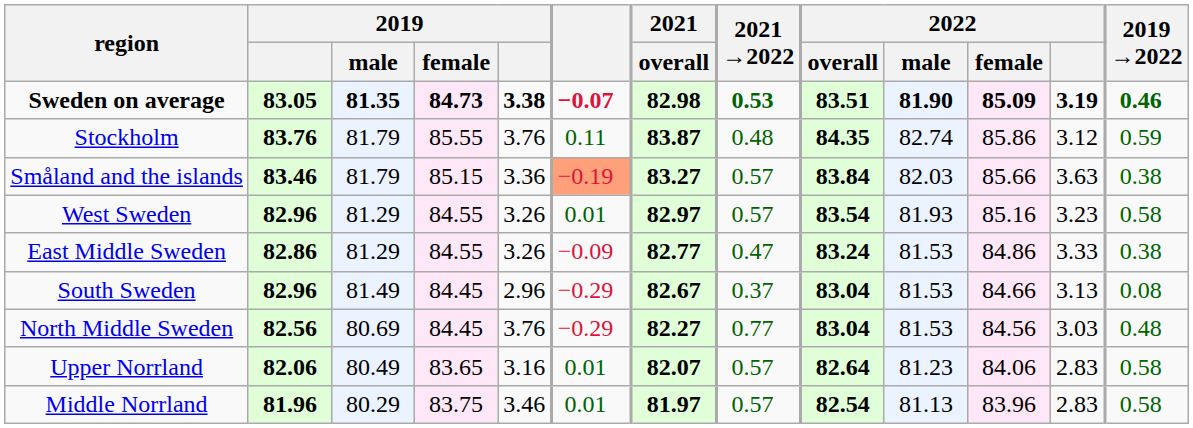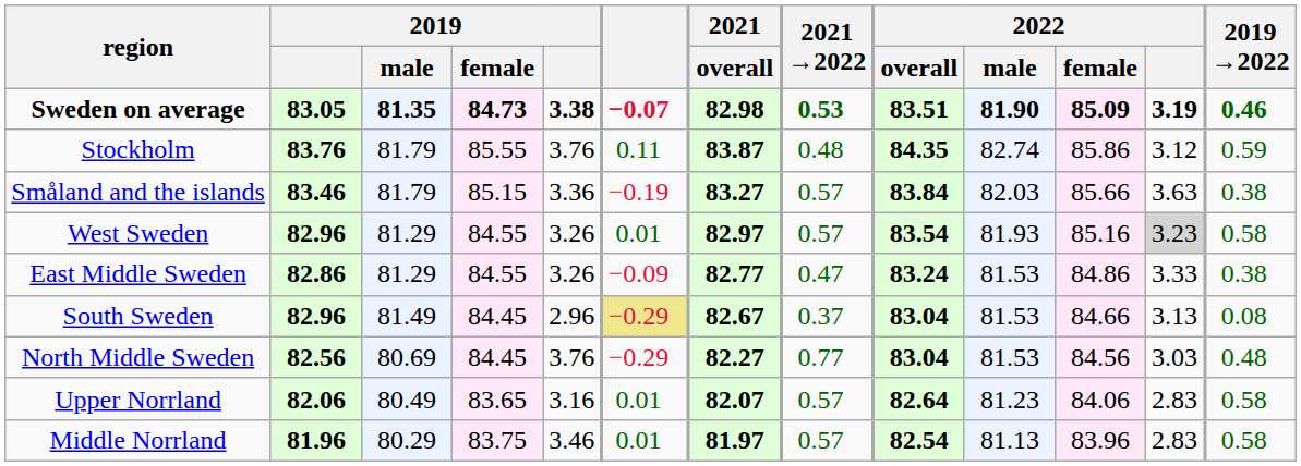 <table class="wikitable sortable mw-datatable static-row-numbers sort-under col1left col6right col8right col13right" style="text-align:center;">
 <tr>
 <th rowspan=2 style="vertical-align:middle;">region</th>
 <th colspan=4>2019</th>
 <th rowspan=2 style="vertical-align:middle;border-left-width:2px;"></th>
 <th style="border-left-width:2px;">2021</th>
 <th rowspan=2 style="vertical-align:middle;border-left-width:2px;">2021<br>→2022</th>
 <th colspan=4 style="border-left-width:2px;">2022</th>
 <th rowspan=2 style="vertical-align:middle;border-left-width:2px;">2019<br>→2022</th>
 </tr>
 <tr>
 <th style="vertical-align:middle;min-width:3em;"></th>
 <th style="vertical-align:middle;min-width:3em;">male</th>
 <th style="vertical-align:middle;min-width:3em;">female</th>
 <th></th>
 <th style="vertical-align:middle;min-width:3em;border-left-width:2px;">overall</th>
 <th style="vertical-align:middle;min-width:3em;border-left-width:2px;">overall</th>
 <th style="vertical-align:middle;min-width:3em;">male</th>
 <th style="vertical-align:middle;min-width:3em;">female</th>
 <th></th>
 </tr>
 <tr class=static-row-header>
 <td><strong>Sweden on average</strong></td>
 <td style="background:#e0ffd8;"><strong>83.05</strong></td>
 <td style="background:#eaf3ff;"><strong>81.35</strong></td>
 <td style="background:#fee7f6;"><strong>84.73</strong></td>
 <td><strong>3.38</strong></td>
 <td style="padding-right:1.5ex;color:crimson;border-left-width:2px;"><strong>−0.07</strong></td>
 <td style="background:#e0ffd8;border-left-width:2px;"><strong>82.98</strong></td>
 <td style="padding-right:1.5ex;color:darkgreen;border-left-width:2px;"><strong>0.53</strong></td>
 <td style="background:#e0ffd8;border-left-width:2px;"><strong>83.51</strong></td>
 <td style="background:#eaf3ff;"><strong>81.90</strong></td>
 <td style="background:#fee7f6;"><strong>85.09</strong></td>
 <td><strong>3.19</strong></td>
 <td style="padding-right:1.5ex;color:darkgreen;border-left-width:2px;"><strong>0.46</strong></td>
 </tr>
 <tr>
 <td><a href='#'>Stockholm</a></td>
 <td style="background:#e0ffd8;"><strong>83.76</strong></td>
 <td style="background:#eaf3ff;">81.79</td>
 <td style="background:#fee7f6;">85.55</td>
 <td>3.76</td>
 <td style="padding-right:1.5ex;color:darkgreen;border-left-width:2px;">0.11</td>
 <td style="background:#e0ffd8;border-left-width:2px;"><strong>83.87</strong></td>
 <td style="padding-right:1.5ex;color:darkgreen;border-left-width:2px;">0.48</td>
 <td style="background:#e0ffd8;border-left-width:2px;"><strong>84.35</strong></td>
 <td style="background:#eaf3ff;">82.74</td>
 <td style="background:#fee7f6;">85.86</td>
 <td>3.12</td>
 <td style="padding-right:1.5ex;color:darkgreen;border-left-width:2px;">0.59</td>
 </tr>
 <tr>
 <td><a href='#'>Småland and the islands</a></td>
 <td style="background:#e0ffd8;"><strong>83.46</strong></td>
 <td style="background:#eaf3ff;">81.79</td>
 <td style="background:#fee7f6;">85.15</td>
 <td>3.36</td>
-<td style="background: lightsalmon; padding-right:1.5ex;color:crimson;border-left-width:2px;">−0.19</td>
+<td style="padding-right:1.5ex;color:crimson;border-left-width:2px;">−0.19</td>
 <td style="background:#e0ffd8;border-left-width:2px;"><strong>83.27</strong></td>
 <td style="padding-right:1.5ex;color:darkgreen;border-left-width:2px;">0.57</td>
 <td style="background:#e0ffd8;border-left-width:2px;"><strong>83.84</strong></td>
 <td style="background:#eaf3ff;">82.03</td>
 <td style="background:#fee7f6;">85.66</td>
 <td>3.63</td>
 <td style="padding-right:1.5ex;color:darkgreen;border-left-width:2px;">0.38</td>
 </tr>
 <tr>
 <td><a href='#'>West Sweden</a></td>
 <td style="background:#e0ffd8;"><strong>82.96</strong></td>
 <td style="background:#eaf3ff;">81.29</td>
 <td style="background:#fee7f6;">84.55</td>
 <td>3.26</td>
 <td style="padding-right:1.5ex;color:darkgreen;border-left-width:2px;">0.01</td>
 <td style="background:#e0ffd8;border-left-width:2px;"><strong>82.97</strong></td>
 <td style="padding-right:1.5ex;color:darkgreen;border-left-width:2px;">0.57</td>
 <td style="background:#e0ffd8;border-left-width:2px;"><strong>83.54</strong></td>
 <td style="background:#eaf3ff;">81.93</td>
 <td style="background:#fee7f6;">85.16</td>
-<td>3.23</td>
+<td style="background: lightgrey;">3.23</td>
 <td style="padding-right:1.5ex;color:darkgreen;border-left-width:2px;">0.58</td>
 </tr>
 <tr>
 <td><a href='#'>East Middle Sweden</a></td>
 <td style="background:#e0ffd8;"><strong>82.86</strong></td>
 <td style="background:#eaf3ff;">81.29</td>
 <td style="background:#fee7f6;">84.55</td>
 <td>3.26</td>
 <td style="padding-right:1.5ex;color:crimson;border-left-width:2px;">−0.09</td>
 <td style="background:#e0ffd8;border-left-width:2px;"><strong>82.77</strong></td>
 <td style="padding-right:1.5ex;color:darkgreen;border-left-width:2px;">0.47</td>
 <td style="background:#e0ffd8;border-left-width:2px;"><strong>83.24</strong></td>
 <td style="background:#eaf3ff;">81.53</td>
 <td style="background:#fee7f6;">84.86</td>
 <td>3.33</td>
 <td style="padding-right:1.5ex;color:darkgreen;border-left-width:2px;">0.38</td>
 </tr>
 <tr>
 <td><a href='#'>South Sweden</a></td>
 <td style="background:#e0ffd8;"><strong>82.96</strong></td>
 <td style="background:#eaf3ff;">81.49</td>
 <td style="background:#fee7f6;">84.45</td>
 <td>2.96</td>
-<td style="padding-right:1.5ex;color:crimson;border-left-width:2px;">−0.29</td>
+<td style="background: khaki; padding-right:1.5ex;color:crimson;border-left-width:2px;">−0.29</td>
 <td style="background:#e0ffd8;border-left-width:2px;"><strong>82.67</strong></td>
 <td style="padding-right:1.5ex;color:darkgreen;border-left-width:2px;">0.37</td>
 <td style="background:#e0ffd8;border-left-width:2px;"><strong>83.04</strong></td>
 <td style="background:#eaf3ff;">81.53</td>
 <td style="background:#fee7f6;">84.66</td>
 <td>3.13</td>
 <td style="padding-right:1.5ex;color:darkgreen;border-left-width:2px;">0.08</td>
 </tr>
 <tr>
 <td><a href='#'>North Middle Sweden</a></td>
 <td style="background:#e0ffd8;"><strong>82.56</strong></td>
 <td style="background:#eaf3ff;">80.69</td>
 <td style="background:#fee7f6;">84.45</td>
 <td>3.76</td>
 <td style="padding-right:1.5ex;color:crimson;border-left-width:2px;">−0.29</td>
 <td style="background:#e0ffd8;border-left-width:2px;"><strong>82.27</strong></td>
 <td style="padding-right:1.5ex;color:darkgreen;border-left-width:2px;">0.77</td>
 <td style="background:#e0ffd8;border-left-width:2px;"><strong>83.04</strong></td>
 <td style="background:#eaf3ff;">81.53</td>
 <td style="background:#fee7f6;">84.56</td>
 <td>3.03</td>
 <td style="padding-right:1.5ex;color:darkgreen;border-left-width:2px;">0.48</td>
 </tr>
 <tr>
 <td><a href='#'>Upper Norrland</a></td>
 <td style="background:#e0ffd8;"><strong>82.06</strong></td>
 <td style="background:#eaf3ff;">80.49</td>
 <td style="background:#fee7f6;">83.65</td>
 <td>3.16</td>
 <td style="padding-right:1.5ex;color:darkgreen;border-left-width:2px;">0.01</td>
 <td style="background:#e0ffd8;border-left-width:2px;"><strong>82.07</strong></td>
 <td style="padding-right:1.5ex;color:darkgreen;border-left-width:2px;">0.57</td>
 <td style="background:#e0ffd8;border-left-width:2px;"><strong>82.64</strong></td>
 <td style="background:#eaf3ff;">81.23</td>
 <td style="background:#fee7f6;">84.06</td>
 <td>2.83</td>
 <td style="padding-right:1.5ex;color:darkgreen;border-left-width:2px;">0.58</td>
 </tr>
 <tr>
 <td><a href='#'>Middle Norrland</a></td>
 <td style="background:#e0ffd8;"><strong>81.96</strong></td>
 <td style="background:#eaf3ff;">80.29</td>
 <td style="background:#fee7f6;">83.75</td>
 <td>3.46</td>
 <td style="padding-right:1.5ex;color:darkgreen;border-left-width:2px;">0.01</td>
 <td style="background:#e0ffd8;border-left-width:2px;"><strong>81.97</strong></td>
 <td style="padding-right:1.5ex;color:darkgreen;border-left-width:2px;">0.57</td>
 <td style="background:#e0ffd8;border-left-width:2px;"><strong>82.54</strong></td>
 <td style="background:#eaf3ff;">81.13</td>
 <td style="background:#fee7f6;">83.96</td>
 <td>2.83</td>
 <td style="padding-right:1.5ex;color:darkgreen;border-left-width:2px;">0.58</td>
 </tr>
 </table>
